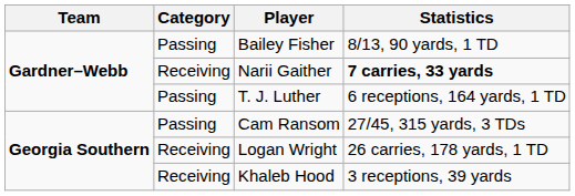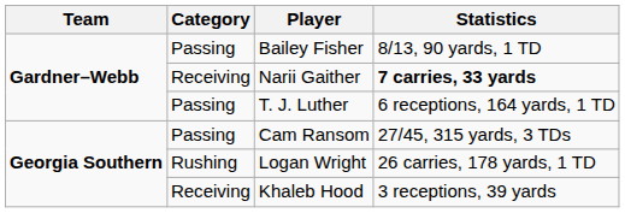 <table class="wikitable" style="float: left;">
 <tr>
 <th>Team</th>
 <th>Category</th>
 <th>Player</th>
 <th>Statistics</th>
 </tr>
 <tr>
 <td rowspan=3><strong>Gardner–Webb</strong></td>
 <td>Passing</td>
 <td>Bailey Fisher</td>
 <td>8/13, 90 yards, 1 TD</td>
 </tr>
 <tr>
 <td>Receiving</td>
 <td>Narii Gaither</td>
 <td><strong>7 carries, 33 yards</strong></td>
 </tr>
 <tr>
 <td>Passing</td>
 <td>T. J. Luther</td>
 <td>6 receptions, 164 yards, 1 TD</td>
 </tr>
 <tr>
 <td rowspan=3><strong>Georgia Southern</strong></td>
 <td>Passing</td>
 <td>Cam Ransom</td>
 <td>27/45, 315 yards, 3 TDs</td>
 </tr>
 <tr>
-<td>Receiving</td>
+<td>Rushing</td>
 <td>Logan Wright</td>
 <td>26 carries, 178 yards, 1 TD</td>
 </tr>
 <tr>
 <td>Receiving</td>
 <td>Khaleb Hood</td>
 <td>3 receptions, 39 yards</td>
 </tr>
 </table>
